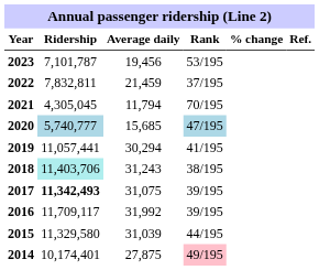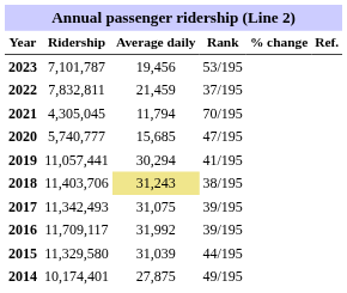 <table class="toccolours" cellpadding="4" cellspacing="0" style="text-align:right;">
 <tr>
 <th colspan="6"  style="background-color:#ccf; background-color:#ccf; font-size:110%; text-align:center;">Annual passenger ridership (Line 2)</th>
 </tr>
 <tr style="font-size:95%; text-align:center">
 <th style="border-bottom:1px solid black">Year</th>
 <th style="border-bottom:1px solid black">Ridership</th>
 <th style="border-bottom:1px solid black">Average daily</th>
 <th style="border-bottom:1px solid black">Rank</th>
 <th style="border-bottom:1px solid black">% change</th>
 <th style="border-bottom:1px solid black">Ref.</th>
 </tr>
 <tr style="text-align:center;">
 <td><strong>2023</strong></td>
 <td>7,101,787</td>
 <td>19,456</td>
 <td>53/195</td>
 <td></td>
 <td></td>
 </tr>
 <tr style="text-align:center;">
 <td><strong>2022</strong></td>
 <td>7,832,811</td>
 <td>21,459</td>
 <td>37/195</td>
 <td></td>
 <td></td>
 </tr>
 <tr style="text-align:center;">
 <td><strong>2021</strong></td>
 <td>4,305,045</td>
 <td>11,794</td>
 <td>70/195</td>
 <td></td>
 <td></td>
 </tr>
 <tr style="text-align:center;">
 <td><strong>2020</strong></td>
-<td style="background: lightblue;">5,740,777</td>
+<td>5,740,777</td>
 <td>15,685</td>
-<td style="background: lightblue;">47/195</td>
+<td>47/195</td>
 <td></td>
 <td></td>
 </tr>
 <tr style="text-align:center;">
 <td><strong>2019</strong></td>
 <td>11,057,441</td>
 <td>30,294</td>
 <td>41/195</td>
 <td></td>
 <td></td>
 </tr>
 <tr style="text-align:center;">
 <td><strong>2018</strong></td>
-<td style="background: paleturquoise;">11,403,706</td>
-<td>31,243</td>
+<td>11,403,706</td>
+<td style="background: khaki;">31,243</td>
 <td>38/195</td>
 <td></td>
 <td></td>
 </tr>
 <tr style="text-align:center;">
 <td><strong>2017</strong></td>
-<td><strong>11,342,493</strong></td>
+<td>11,342,493</td>
 <td>31,075</td>
 <td>39/195</td>
 <td></td>
 <td></td>
 </tr>
 <tr style="text-align:center;">
 <td><strong>2016</strong></td>
 <td>11,709,117</td>
 <td>31,992</td>
 <td>39/195</td>
 <td></td>
 <td></td>
 </tr>
 <tr style="text-align:center;">
 <td><strong>2015</strong></td>
 <td>11,329,580</td>
 <td>31,039</td>
 <td>44/195</td>
 <td></td>
 <td></td>
 </tr>
 <tr style="text-align:center;">
 <td><strong>2014</strong></td>
 <td>10,174,401</td>
 <td>27,875</td>
-<td style="background: pink;">49/195</td>
+<td>49/195</td>
 <td></td>
 <td></td>
 </tr>
 </table>
